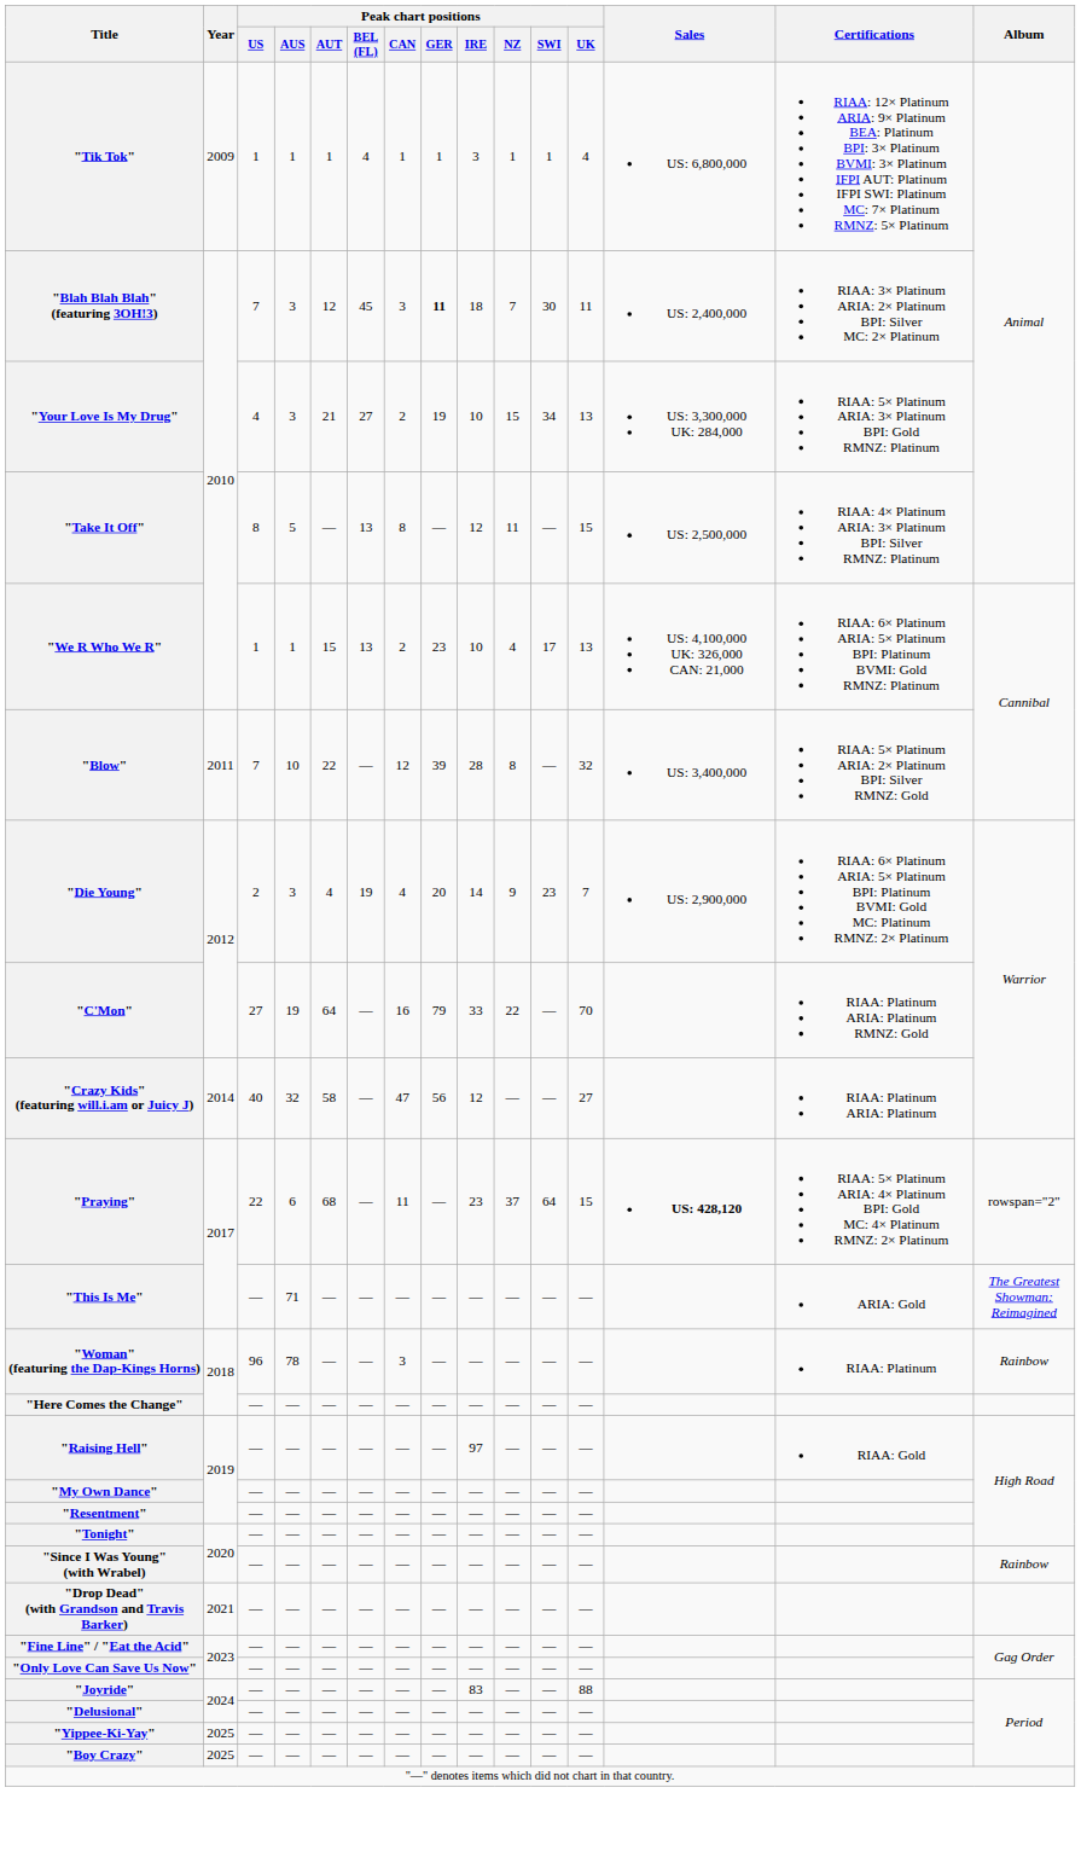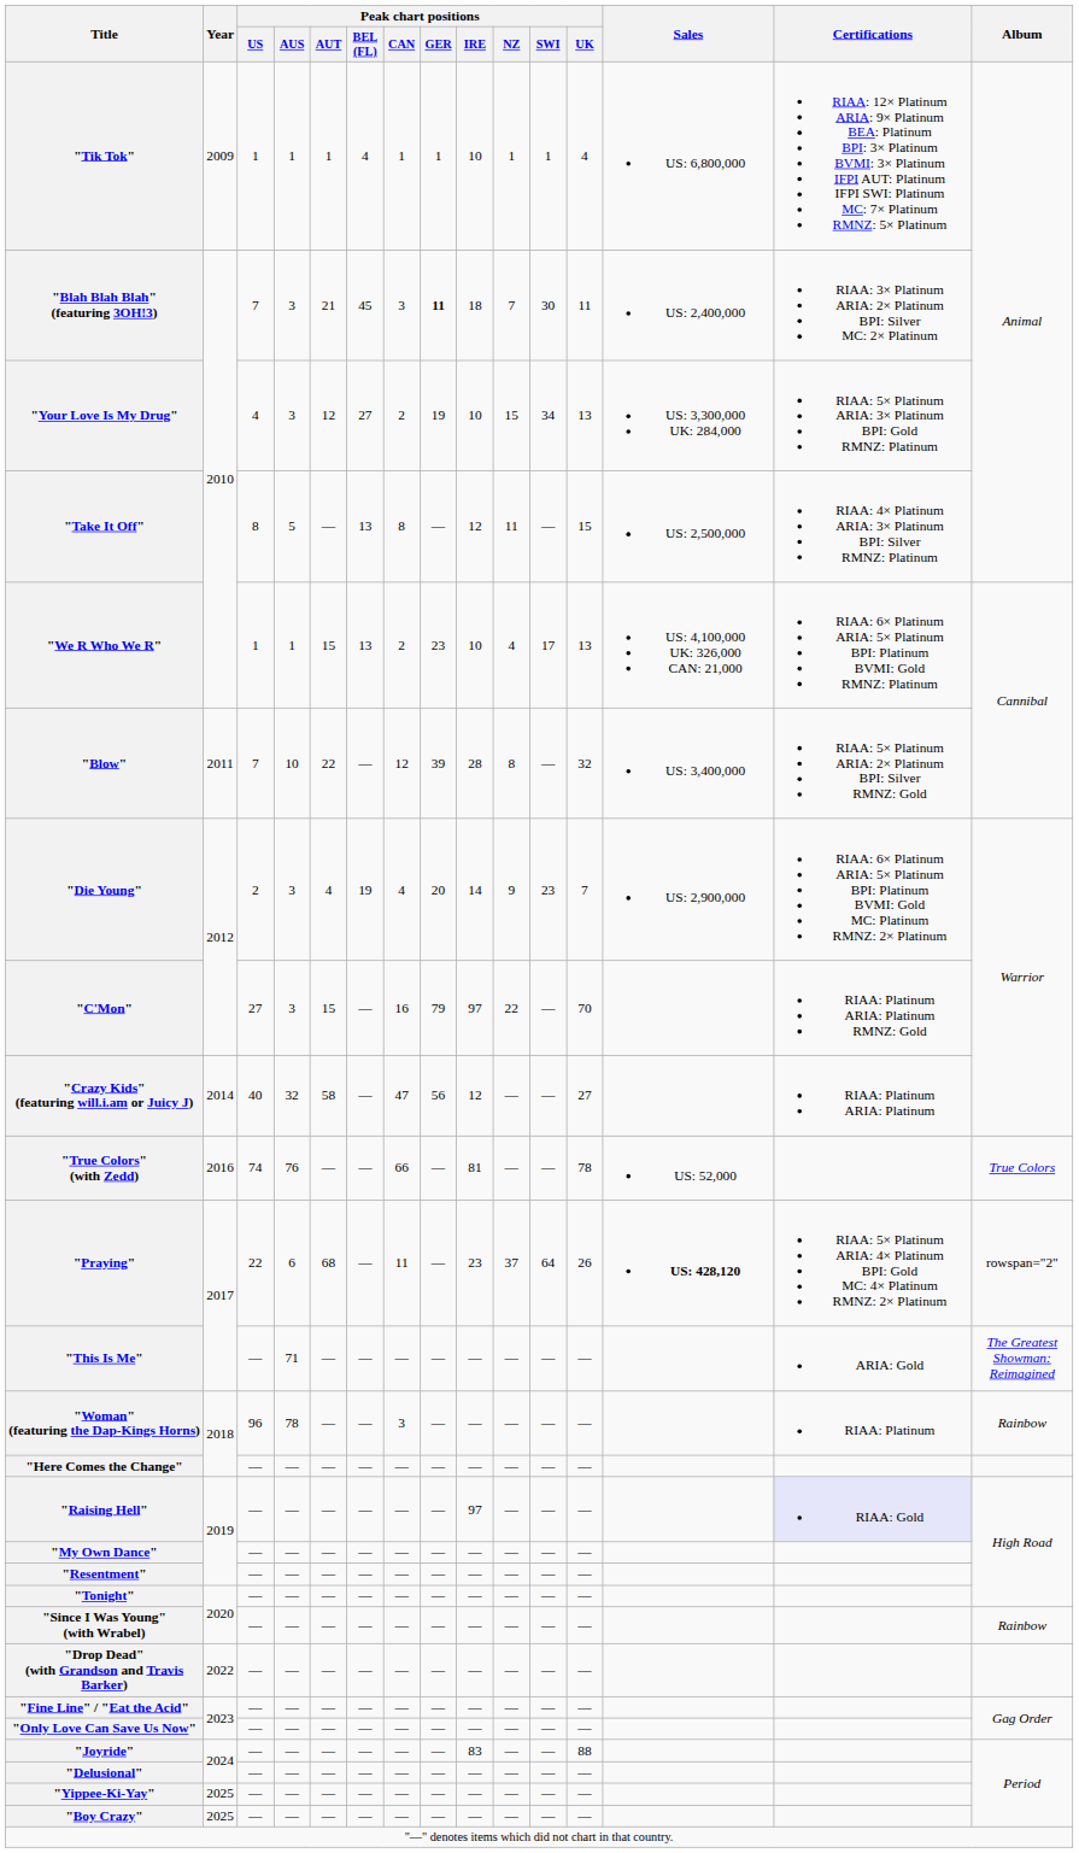 <table class="wikitable plainrowheaders" style="text-align:center;">
 <tr>
 <th scope="col" rowspan="2" style="width:14em;">Title</th>
 <th scope="col" rowspan="2" style="width:1em;">Year</th>
 <th scope="col" colspan="10">Peak chart positions</th>
 <th scope="col" rowspan="2" style="width:12em;"><a href='#'>Sales</a></th>
 <th scope="col" rowspan="2" style="width:14em;"><a href='#'>Certifications</a></th>
 <th scope="col" rowspan="2">Album</th>
 </tr>
 <tr>
 <th scope="col" style="width:2.5em;font-size:90%;"><a href='#'>US</a><br></th>
 <th scope="col" style="width:2.5em;font-size:90%;"><a href='#'>AUS</a><br></th>
 <th scope="col" style="width:2.5em;font-size:90%;"><a href='#'>AUT</a><br></th>
 <th scope="col" style="width:2.5em;font-size:90%;"><a href='#'>BEL<br>(FL)</a><br></th>
 <th scope="col" style="width:2.5em;font-size:90%;"><a href='#'>CAN</a><br></th>
 <th scope="col" style="width:2.5em;font-size:90%;"><a href='#'>GER</a><br></th>
 <th scope="col" style="width:2.5em;font-size:90%;"><a href='#'>IRE</a><br></th>
 <th scope="col" style="width:2.5em;font-size:90%;"><a href='#'>NZ</a><br></th>
 <th scope="col" style="width:2.5em;font-size:90%;"><a href='#'>SWI</a><br></th>
 <th scope="col" style="width:2.5em;font-size:90%;"><a href='#'>UK</a><br></th>
 </tr>
 <tr>
 <th scope="row">"<a href='#'>Tik Tok</a>"</th>
 <td>2009</td>
 <td>1</td>
 <td>1</td>
 <td>1</td>
 <td>4</td>
 <td>1</td>
 <td>1</td>
-<td>3</td>
+<td>10</td>
 <td>1</td>
 <td>1</td>
 <td>4</td>
 <td><br><ul><li>US: 6,800,000</li></ul></td>
 <td><br><ul><li><a href='#'>RIAA</a>: 12× Platinum</li><li><a href='#'>ARIA</a>: 9× Platinum</li><li><a href='#'>BEA</a>: Platinum</li><li><a href='#'>BPI</a>: 3× Platinum</li><li><a href='#'>BVMI</a>: 3× Platinum</li><li><a href='#'>IFPI</a> AUT: Platinum</li><li>IFPI SWI: Platinum</li><li><a href='#'>MC</a>: 7× Platinum</li><li><a href='#'>RMNZ</a>: 5× Platinum</li></ul></td>
 <td rowspan="4"><em>Animal</em></td>
 </tr>
 <tr>
 <th scope="row">"<a href='#'>Blah Blah Blah</a>"<br><span>(featuring <a href='#'>3OH!3</a>)</span></th>
 <td rowspan="4">2010</td>
 <td>7</td>
 <td>3</td>
-<td>12</td>
+<td>21</td>
 <td>45</td>
 <td>3</td>
 <td><strong>11</strong></td>
 <td>18</td>
 <td>7</td>
 <td>30</td>
 <td>11</td>
 <td><br><ul><li>US: 2,400,000</li></ul></td>
 <td><br><ul><li>RIAA: 3× Platinum</li><li>ARIA: 2× Platinum</li><li>BPI: Silver</li><li>MC: 2× Platinum</li></ul></td>
 </tr>
 <tr>
 <th scope="row">"<a href='#'>Your Love Is My Drug</a>"</th>
 <td>4</td>
 <td>3</td>
-<td>21</td>
+<td>12</td>
 <td>27</td>
 <td>2</td>
 <td>19</td>
 <td>10</td>
 <td>15</td>
 <td>34</td>
 <td>13</td>
 <td><br><ul><li>US: 3,300,000</li><li>UK: 284,000</li></ul></td>
 <td><br><ul><li>RIAA: 5× Platinum</li><li>ARIA: 3× Platinum</li><li>BPI: Gold</li><li>RMNZ: Platinum</li></ul></td>
 </tr>
 <tr>
 <th scope="row">"<a href='#'>Take It Off</a>"</th>
 <td>8</td>
 <td>5</td>
 <td>—</td>
 <td>13</td>
 <td>8</td>
 <td>—</td>
 <td>12</td>
 <td>11</td>
 <td>—</td>
 <td>15</td>
 <td><br><ul><li>US: 2,500,000</li></ul></td>
 <td><br><ul><li>RIAA: 4× Platinum</li><li>ARIA: 3× Platinum</li><li>BPI: Silver</li><li>RMNZ: Platinum</li></ul></td>
 </tr>
 <tr>
 <th scope="row">"<a href='#'>We R Who We R</a>"</th>
 <td>1</td>
 <td>1</td>
 <td>15</td>
 <td>13</td>
 <td>2</td>
 <td>23</td>
 <td>10</td>
 <td>4</td>
 <td>17</td>
 <td>13</td>
 <td><br><ul><li>US: 4,100,000</li><li>UK: 326,000</li><li>CAN: 21,000</li></ul></td>
 <td><br><ul><li>RIAA: 6× Platinum</li><li>ARIA: 5× Platinum</li><li>BPI: Platinum</li><li>BVMI: Gold</li><li>RMNZ: Platinum</li></ul></td>
 <td rowspan="2"><em>Cannibal</em></td>
 </tr>
 <tr>
 <th scope="row">"<a href='#'>Blow</a>"</th>
 <td>2011</td>
 <td>7</td>
 <td>10</td>
 <td>22</td>
 <td>—</td>
 <td>12</td>
 <td>39</td>
 <td>28</td>
 <td>8</td>
 <td>—</td>
 <td>32</td>
 <td><br><ul><li>US: 3,400,000</li></ul></td>
 <td><br><ul><li>RIAA: 5× Platinum</li><li>ARIA: 2× Platinum</li><li>BPI: Silver</li><li>RMNZ: Gold</li></ul></td>
 </tr>
 <tr>
 <th scope="row">"<a href='#'>Die Young</a>"</th>
 <td rowspan="2">2012</td>
 <td>2</td>
 <td>3</td>
 <td>4</td>
 <td>19</td>
 <td>4</td>
 <td>20</td>
 <td>14</td>
 <td>9</td>
 <td>23</td>
 <td>7</td>
 <td><br><ul><li>US: 2,900,000</li></ul></td>
 <td><br><ul><li>RIAA: 6× Platinum</li><li>ARIA: 5× Platinum</li><li>BPI: Platinum</li><li>BVMI: Gold</li><li>MC: Platinum</li><li>RMNZ: 2× Platinum</li></ul></td>
 <td rowspan="3"><em>Warrior</em></td>
 </tr>
 <tr>
 <th scope="row">"<a href='#'>C'Mon</a>"</th>
 <td>27</td>
-<td>19</td>
-<td>64</td>
+<td>3</td>
+<td>15</td>
 <td>—</td>
 <td>16</td>
 <td>79</td>
-<td>33</td>
+<td>97</td>
 <td>22</td>
 <td>—</td>
 <td>70</td>
 <td></td>
 <td><br><ul><li>RIAA: Platinum</li><li>ARIA: Platinum</li><li>RMNZ: Gold</li></ul></td>
 </tr>
 <tr>
 <th scope="row">"<a href='#'>Crazy Kids</a>"<br><span>(featuring <a href='#'>will.i.am</a> or <a href='#'>Juicy J</a>)</span></th>
 <td>2014</td>
 <td>40</td>
 <td>32</td>
 <td>58</td>
 <td>—</td>
 <td>47</td>
 <td>56</td>
 <td>12</td>
 <td>—</td>
 <td>—</td>
 <td>27</td>
 <td></td>
 <td><br><ul><li>RIAA: Platinum</li><li>ARIA: Platinum</li></ul></td>
 </tr>
 <tr>
+<th scope="row">"<a href='#'>True Colors</a>"<br><span>(with <a href='#'>Zedd</a>)</span></th>
+<td>2016</td>
+<td>74</td>
+<td>76</td>
+<td>—</td>
+<td>—</td>
+<td>66</td>
+<td>—</td>
+<td>81</td>
+<td>—</td>
+<td>—</td>
+<td>78</td>
+<td><br><ul><li>US: 52,000</li></ul></td>
+<td></td>
+<td><em><a href='#'>True Colors</a></em></td>
+</tr>
+<tr>
 <th scope="row">"<a href='#'>Praying</a>"</th>
 <td rowspan="2">2017</td>
 <td>22</td>
 <td>6</td>
 <td>68</td>
 <td>—</td>
 <td>11</td>
 <td>—</td>
 <td>23</td>
 <td>37</td>
 <td>64</td>
-<td>15</td>
+<td>26</td>
 <td><strong><br><ul><li>US: 428,120</li></ul></strong></td>
 <td><br><ul><li>RIAA: 5× Platinum</li><li>ARIA: 4× Platinum</li><li>BPI: Gold</li><li>MC: 4× Platinum</li><li>RMNZ: 2× Platinum</li></ul></td>
 <td>rowspan="2" </td>
 </tr>
 <tr>
 <th scope="row">"<a href='#'>This Is Me</a>"</th>
 <td>—</td>
 <td>71</td>
 <td>—</td>
 <td>—</td>
 <td>—</td>
 <td>—</td>
 <td>—</td>
 <td>—</td>
 <td>—</td>
 <td>—</td>
 <td></td>
 <td><br><ul><li>ARIA: Gold</li></ul></td>
 <td><em><a href='#'>The Greatest Showman: Reimagined</a></em></td>
 </tr>
 <tr>
 <th scope="row">"<a href='#'>Woman</a>"<br><span>(featuring <a href='#'>the Dap-Kings Horns</a>)</span></th>
 <td rowspan="2">2018</td>
 <td>96</td>
 <td>78</td>
 <td>—</td>
 <td>—</td>
 <td>3</td>
 <td>—</td>
 <td>—</td>
 <td>—</td>
 <td>—</td>
 <td>—</td>
 <td></td>
 <td><br><ul><li>RIAA: Platinum</li></ul></td>
 <td><em>Rainbow</em></td>
 </tr>
 <tr>
 <th scope="row">"Here Comes the Change"</th>
 <td>—</td>
 <td>—</td>
 <td>—</td>
 <td>—</td>
 <td>—</td>
 <td>—</td>
 <td>—</td>
 <td>—</td>
 <td>—</td>
 <td>—</td>
 <td></td>
 <td></td>
 <td></td>
 </tr>
 <tr>
 <th scope="row">"<a href='#'>Raising Hell</a>"<br></th>
 <td rowspan="3">2019</td>
 <td>—</td>
 <td>—</td>
 <td>—</td>
 <td>—</td>
 <td>—</td>
 <td>—</td>
 <td>97</td>
 <td>—</td>
 <td>—</td>
 <td>—</td>
 <td></td>
-<td><br><ul><li>RIAA: Gold</li></ul></td>
+<td style="background: lavender;"><br><ul><li>RIAA: Gold</li></ul></td>
 <td rowspan="4"><em>High Road</em></td>
 </tr>
 <tr>
 <th scope="row">"<a href='#'>My Own Dance</a>"</th>
 <td>—</td>
 <td>—</td>
 <td>—</td>
 <td>—</td>
 <td>—</td>
 <td>—</td>
 <td>—</td>
 <td>—</td>
 <td>—</td>
 <td>—</td>
 <td></td>
 <td></td>
 </tr>
 <tr>
 <th scope="row">"<a href='#'>Resentment</a>"<br></th>
 <td>—</td>
 <td>—</td>
 <td>—</td>
 <td>—</td>
 <td>—</td>
 <td>—</td>
 <td>—</td>
 <td>—</td>
 <td>—</td>
 <td>—</td>
 <td></td>
 <td></td>
 </tr>
 <tr>
 <th scope="row">"<a href='#'>Tonight</a>"</th>
 <td rowspan="2">2020</td>
 <td>—</td>
 <td>—</td>
 <td>—</td>
 <td>—</td>
 <td>—</td>
 <td>—</td>
 <td>—</td>
 <td>—</td>
 <td>—</td>
 <td>—</td>
 <td></td>
 <td></td>
 </tr>
 <tr>
 <th scope="row">"Since I Was Young"<br><span>(with Wrabel)</span></th>
 <td>—</td>
 <td>—</td>
 <td>—</td>
 <td>—</td>
 <td>—</td>
 <td>—</td>
 <td>—</td>
 <td>—</td>
 <td>—</td>
 <td>—</td>
 <td></td>
 <td></td>
 <td><em>Rainbow</em></td>
 </tr>
 <tr>
 <th scope="row">"Drop Dead"<br><span>(with <a href='#'>Grandson</a> and <a href='#'>Travis Barker</a>)</span></th>
-<td>2021</td>
+<td>2022</td>
 <td>—</td>
 <td>—</td>
 <td>—</td>
 <td>—</td>
 <td>—</td>
 <td>—</td>
 <td>—</td>
 <td>—</td>
 <td>—</td>
 <td>—</td>
 <td></td>
 <td></td>
 </tr>
 <tr>
 <th scope="row">"<a href='#'>Fine Line</a>" / "<a href='#'>Eat the Acid</a>"</th>
 <td rowspan="2">2023</td>
 <td>—</td>
 <td>—</td>
 <td>—</td>
 <td>—</td>
 <td>—</td>
 <td>—</td>
 <td>—</td>
 <td>—</td>
 <td>—</td>
 <td>—</td>
 <td></td>
 <td></td>
 <td rowspan="2"><em>Gag Order</em></td>
 </tr>
 <tr>
 <th scope="row">"<a href='#'>Only Love Can Save Us Now</a>"</th>
 <td>—</td>
 <td>—</td>
 <td>—</td>
 <td>—</td>
 <td>—</td>
 <td>—</td>
 <td>—</td>
 <td>—</td>
 <td>—</td>
 <td>—</td>
 <td></td>
 <td></td>
 </tr>
 <tr>
 <th scope="row">"<a href='#'>Joyride</a>"</th>
 <td rowspan="2">2024</td>
 <td>—</td>
 <td>—</td>
 <td>—</td>
 <td>—</td>
 <td>—</td>
 <td>—</td>
 <td>83</td>
 <td>—</td>
 <td>—</td>
 <td>88</td>
 <td></td>
 <td></td>
 <td rowspan="4"><em>Period</em></td>
 </tr>
 <tr>
 <th scope="row">"<a href='#'>Delusional</a>"</th>
 <td>—</td>
 <td>—</td>
 <td>—</td>
 <td>—</td>
 <td>—</td>
 <td>—</td>
 <td>—</td>
 <td>—</td>
 <td>—</td>
 <td>—</td>
 <td></td>
 <td></td>
 </tr>
 <tr>
 <th scope="row">"<a href='#'>Yippee-Ki-Yay</a>"<br></th>
 <td>2025</td>
 <td>—</td>
 <td>—</td>
 <td>—</td>
 <td>—</td>
 <td>—</td>
 <td>—</td>
 <td>—</td>
 <td>—</td>
 <td>—</td>
 <td>—</td>
 <td></td>
 <td></td>
 </tr>
 <tr>
 <th scope="row">"<a href='#'>Boy Crazy</a>"</th>
 <td>2025</td>
 <td>—</td>
 <td>—</td>
 <td>—</td>
 <td>—</td>
 <td>—</td>
 <td>—</td>
 <td>—</td>
 <td>—</td>
 <td>—</td>
 <td>—</td>
 <td></td>
 <td></td>
 </tr>
 <tr>
 <td colspan="15" style="font-size:90%">"—" denotes items which did not chart in that country.</td>
 </tr>
 </table>
